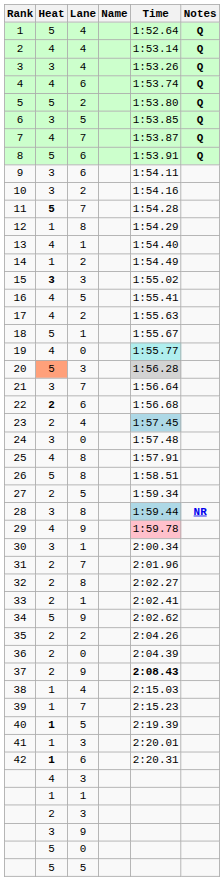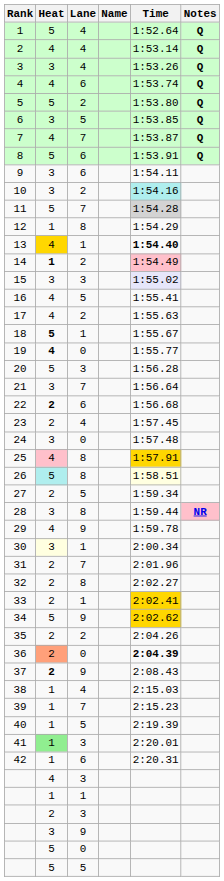 <table class="wikitable sortable" style="text-align:center">
 <tr>
 <th>Rank</th>
 <th>Heat</th>
 <th>Lane</th>
 <th>Name</th>
 <th>Time</th>
 <th>Notes</th>
 </tr>
 <tr bgcolor=ccffcc>
 <td>1</td>
 <td>5</td>
 <td>4</td>
 <td align=left></td>
 <td>1:52.64</td>
 <td><strong>Q</strong></td>
 </tr>
 <tr bgcolor=ccffcc>
 <td>2</td>
 <td>4</td>
 <td>4</td>
 <td align=left></td>
 <td>1:53.14</td>
 <td><strong>Q</strong></td>
 </tr>
 <tr bgcolor=ccffcc>
 <td>3</td>
 <td>3</td>
 <td>4</td>
 <td align=left></td>
 <td>1:53.26</td>
 <td><strong>Q</strong></td>
 </tr>
 <tr bgcolor=ccffcc>
 <td>4</td>
 <td>4</td>
 <td>6</td>
 <td align=left></td>
 <td>1:53.74</td>
 <td><strong>Q</strong></td>
 </tr>
 <tr bgcolor=ccffcc>
 <td>5</td>
 <td>5</td>
 <td>2</td>
 <td align=left></td>
 <td>1:53.80</td>
 <td><strong>Q</strong></td>
 </tr>
 <tr bgcolor=ccffcc>
 <td>6</td>
 <td>3</td>
 <td>5</td>
 <td align=left></td>
 <td>1:53.85</td>
 <td><strong>Q</strong></td>
 </tr>
 <tr bgcolor=ccffcc>
 <td>7</td>
 <td>4</td>
 <td>7</td>
 <td align=left></td>
 <td>1:53.87</td>
 <td><strong>Q</strong></td>
 </tr>
 <tr bgcolor=ccffcc>
 <td>8</td>
 <td>5</td>
 <td>6</td>
 <td align=left></td>
 <td>1:53.91</td>
 <td><strong>Q</strong></td>
 </tr>
 <tr>
 <td>9</td>
 <td>3</td>
 <td>6</td>
 <td align=left></td>
 <td>1:54.11</td>
 <td></td>
 </tr>
 <tr>
 <td>10</td>
 <td>3</td>
 <td>2</td>
 <td align=left></td>
-<td>1:54.16</td>
+<td style="background: paleturquoise;">1:54.16</td>
 <td></td>
 </tr>
 <tr>
 <td>11</td>
-<td><strong>5</strong></td>
+<td>5</td>
 <td>7</td>
 <td align=left></td>
-<td>1:54.28</td>
+<td style="background: lightgrey;">1:54.28</td>
 <td></td>
 </tr>
 <tr>
 <td>12</td>
 <td>1</td>
 <td>8</td>
 <td align=left></td>
 <td>1:54.29</td>
 <td></td>
 </tr>
 <tr>
 <td>13</td>
-<td>4</td>
+<td style="background: gold;">4</td>
 <td>1</td>
 <td align=left></td>
-<td>1:54.40</td>
+<td><strong>1:54.40</strong></td>
 <td></td>
 </tr>
 <tr>
 <td>14</td>
-<td>1</td>
+<td><strong>1</strong></td>
 <td>2</td>
 <td align=left></td>
-<td>1:54.49</td>
+<td style="background: pink;">1:54.49</td>
 <td></td>
 </tr>
 <tr>
 <td>15</td>
-<td><strong>3</strong></td>
+<td>3</td>
 <td>3</td>
 <td align=left></td>
-<td>1:55.02</td>
+<td style="background: lavender;">1:55.02</td>
 <td></td>
 </tr>
 <tr>
 <td>16</td>
 <td>4</td>
 <td>5</td>
 <td align=left></td>
 <td>1:55.41</td>
 <td></td>
 </tr>
 <tr>
 <td>17</td>
 <td>4</td>
 <td>2</td>
 <td align=left></td>
 <td>1:55.63</td>
 <td></td>
 </tr>
 <tr>
 <td>18</td>
-<td>5</td>
+<td><strong>5</strong></td>
 <td>1</td>
 <td align=left></td>
 <td>1:55.67</td>
 <td></td>
 </tr>
 <tr>
 <td>19</td>
-<td>4</td>
+<td><strong>4</strong></td>
 <td>0</td>
 <td align=left></td>
-<td style="background: paleturquoise;">1:55.77</td>
+<td>1:55.77</td>
 <td></td>
 </tr>
 <tr>
 <td>20</td>
-<td style="background: lightsalmon;">5</td>
+<td>5</td>
 <td>3</td>
 <td align=left></td>
-<td style="background: lightgrey;">1:56.28</td>
+<td>1:56.28</td>
 <td></td>
 </tr>
 <tr>
 <td>21</td>
 <td>3</td>
 <td>7</td>
 <td align=left></td>
 <td>1:56.64</td>
 <td></td>
 </tr>
 <tr>
 <td>22</td>
 <td><strong>2</strong></td>
 <td>6</td>
 <td align=left></td>
 <td>1:56.68</td>
 <td></td>
 </tr>
 <tr>
 <td>23</td>
 <td>2</td>
 <td>4</td>
 <td align=left></td>
-<td style="background: lightblue;">1:57.45</td>
+<td>1:57.45</td>
 <td></td>
 </tr>
 <tr>
 <td>24</td>
 <td>3</td>
 <td>0</td>
 <td align=left></td>
 <td>1:57.48</td>
 <td></td>
 </tr>
 <tr>
 <td>25</td>
-<td>4</td>
+<td style="background: pink;">4</td>
 <td>8</td>
 <td align=left></td>
-<td>1:57.91</td>
+<td style="background: gold;">1:57.91</td>
 <td></td>
 </tr>
 <tr>
 <td>26</td>
-<td>5</td>
+<td style="background: paleturquoise;">5</td>
 <td>8</td>
 <td align=left></td>
-<td>1:58.51</td>
+<td style="background: lightyellow;">1:58.51</td>
 <td></td>
 </tr>
 <tr>
 <td>27</td>
 <td>2</td>
 <td>5</td>
 <td align=left></td>
 <td>1:59.34</td>
 <td></td>
 </tr>
 <tr>
 <td>28</td>
 <td>3</td>
 <td>8</td>
 <td align=left></td>
-<td style="background: lightblue;">1:59.44</td>
-<td><strong><a href='#'>NR</a></strong></td>
+<td>1:59.44</td>
+<td style="background: pink;"><strong><a href='#'>NR</a></strong></td>
 </tr>
 <tr>
 <td>29</td>
 <td>4</td>
 <td>9</td>
 <td align=left></td>
-<td style="background: pink;">1:59.78</td>
+<td>1:59.78</td>
 <td></td>
 </tr>
 <tr>
 <td>30</td>
-<td>3</td>
+<td style="background: lightyellow;">3</td>
 <td>1</td>
 <td align=left></td>
 <td>2:00.34</td>
 <td></td>
 </tr>
 <tr>
 <td>31</td>
 <td>2</td>
 <td>7</td>
 <td align=left></td>
 <td>2:01.96</td>
 <td></td>
 </tr>
 <tr>
 <td>32</td>
 <td>2</td>
 <td>8</td>
 <td align=left></td>
 <td>2:02.27</td>
 <td></td>
 </tr>
 <tr>
 <td>33</td>
 <td>2</td>
 <td>1</td>
 <td align=left></td>
-<td>2:02.41</td>
+<td style="background: gold;">2:02.41</td>
 <td></td>
 </tr>
 <tr>
 <td>34</td>
 <td>5</td>
 <td>9</td>
 <td align=left></td>
-<td>2:02.62</td>
+<td style="background: gold;">2:02.62</td>
 <td></td>
 </tr>
 <tr>
 <td>35</td>
 <td>2</td>
 <td>2</td>
 <td align=left></td>
 <td>2:04.26</td>
 <td></td>
 </tr>
 <tr>
 <td>36</td>
-<td>2</td>
+<td style="background: lightsalmon;">2</td>
 <td>0</td>
 <td align=left></td>
-<td>2:04.39</td>
+<td><strong>2:04.39</strong></td>
 <td></td>
 </tr>
 <tr>
 <td>37</td>
-<td>2</td>
+<td><strong>2</strong></td>
 <td>9</td>
 <td align=left></td>
-<td><strong>2:08.43</strong></td>
+<td>2:08.43</td>
 <td></td>
 </tr>
 <tr>
 <td>38</td>
 <td>1</td>
 <td>4</td>
 <td align=left></td>
 <td>2:15.03</td>
 <td></td>
 </tr>
 <tr>
 <td>39</td>
 <td>1</td>
 <td>7</td>
 <td align=left></td>
 <td>2:15.23</td>
 <td></td>
 </tr>
 <tr>
 <td>40</td>
-<td><strong>1</strong></td>
+<td>1</td>
 <td>5</td>
 <td align=left></td>
 <td>2:19.39</td>
 <td></td>
 </tr>
 <tr>
 <td>41</td>
-<td>1</td>
+<td style="background: lightgreen;">1</td>
 <td>3</td>
 <td align=left></td>
 <td>2:20.01</td>
 <td></td>
 </tr>
 <tr>
 <td>42</td>
-<td><strong>1</strong></td>
+<td>1</td>
 <td>6</td>
 <td align=left></td>
 <td>2:20.31</td>
 <td></td>
 </tr>
 <tr>
 <td></td>
 <td>4</td>
 <td>3</td>
 <td align=left></td>
 <td></td>
 <td></td>
 </tr>
 <tr>
 <td></td>
 <td>1</td>
 <td>1</td>
 <td align=left></td>
 <td></td>
 <td></td>
 </tr>
 <tr>
 <td></td>
 <td>2</td>
 <td>3</td>
 <td align=left></td>
 <td></td>
 <td></td>
 </tr>
 <tr>
 <td></td>
 <td>3</td>
 <td>9</td>
 <td align=left></td>
 <td></td>
 <td></td>
 </tr>
 <tr>
 <td></td>
 <td>5</td>
 <td>0</td>
 <td align=left></td>
 <td></td>
 <td></td>
 </tr>
 <tr>
 <td></td>
 <td>5</td>
 <td>5</td>
 <td align=left></td>
 <td></td>
 <td></td>
 </tr>
 </table>
